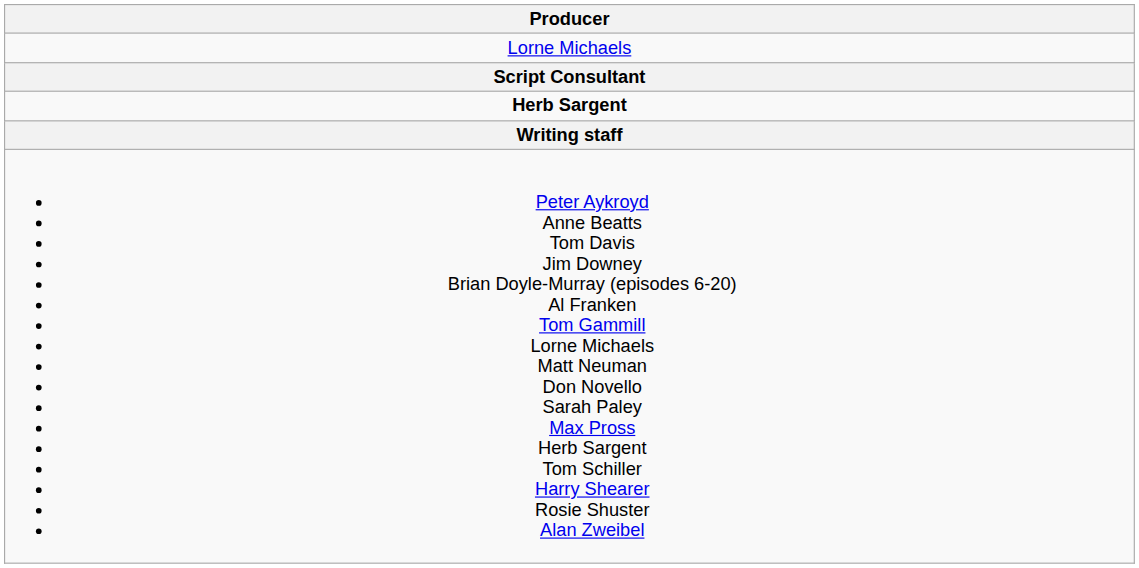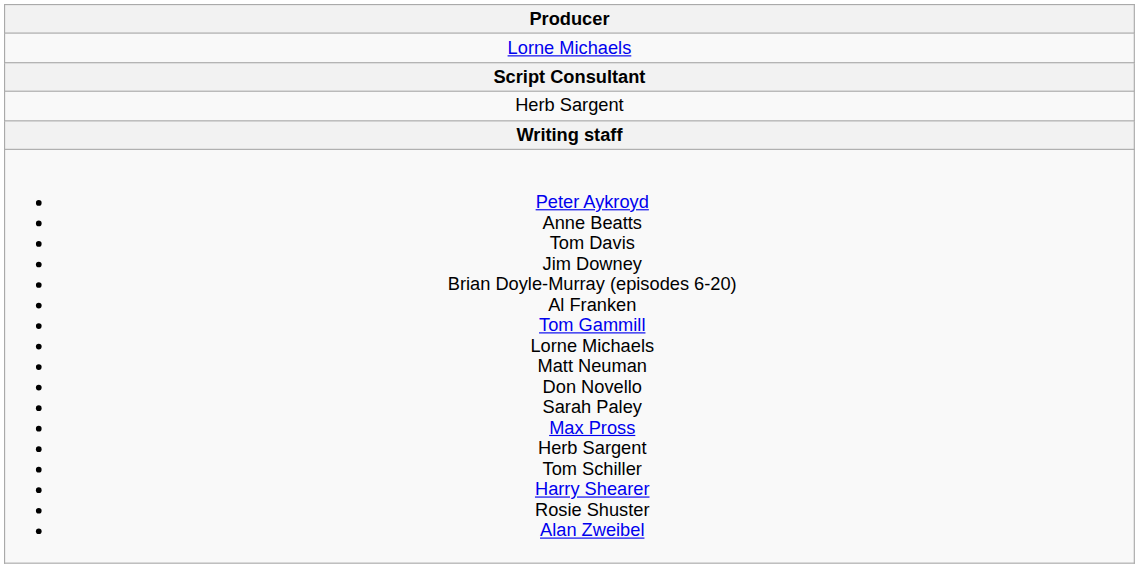 <table class="wikitable plainrowheaders"  style="text-align:center; width:50%;">
 <tr>
 <th><strong>Producer</strong></th>
 </tr>
 <tr>
 <td><a href='#'>Lorne Michaels</a></td>
 </tr>
 <tr>
 <th><strong>Script Consultant</strong></th>
 </tr>
 <tr>
-<td><strong>Herb Sargent</strong></td>
+<td>Herb Sargent</td>
 </tr>
 <tr>
 <th><strong>Writing staff</strong></th>
 </tr>
 <tr>
 <td><br><ul><li><a href='#'>Peter Aykroyd</a></li><li>Anne Beatts</li><li>Tom Davis</li><li>Jim Downey</li><li>Brian Doyle-Murray (episodes 6-20)</li><li>Al Franken</li><li><a href='#'>Tom Gammill</a></li><li>Lorne Michaels</li><li>Matt Neuman</li><li>Don Novello</li><li>Sarah Paley</li><li><a href='#'>Max Pross</a></li><li>Herb Sargent</li><li>Tom Schiller</li><li><a href='#'>Harry Shearer</a></li><li>Rosie Shuster</li><li><a href='#'>Alan Zweibel</a></li></ul></td>
 </tr>
 </table>
